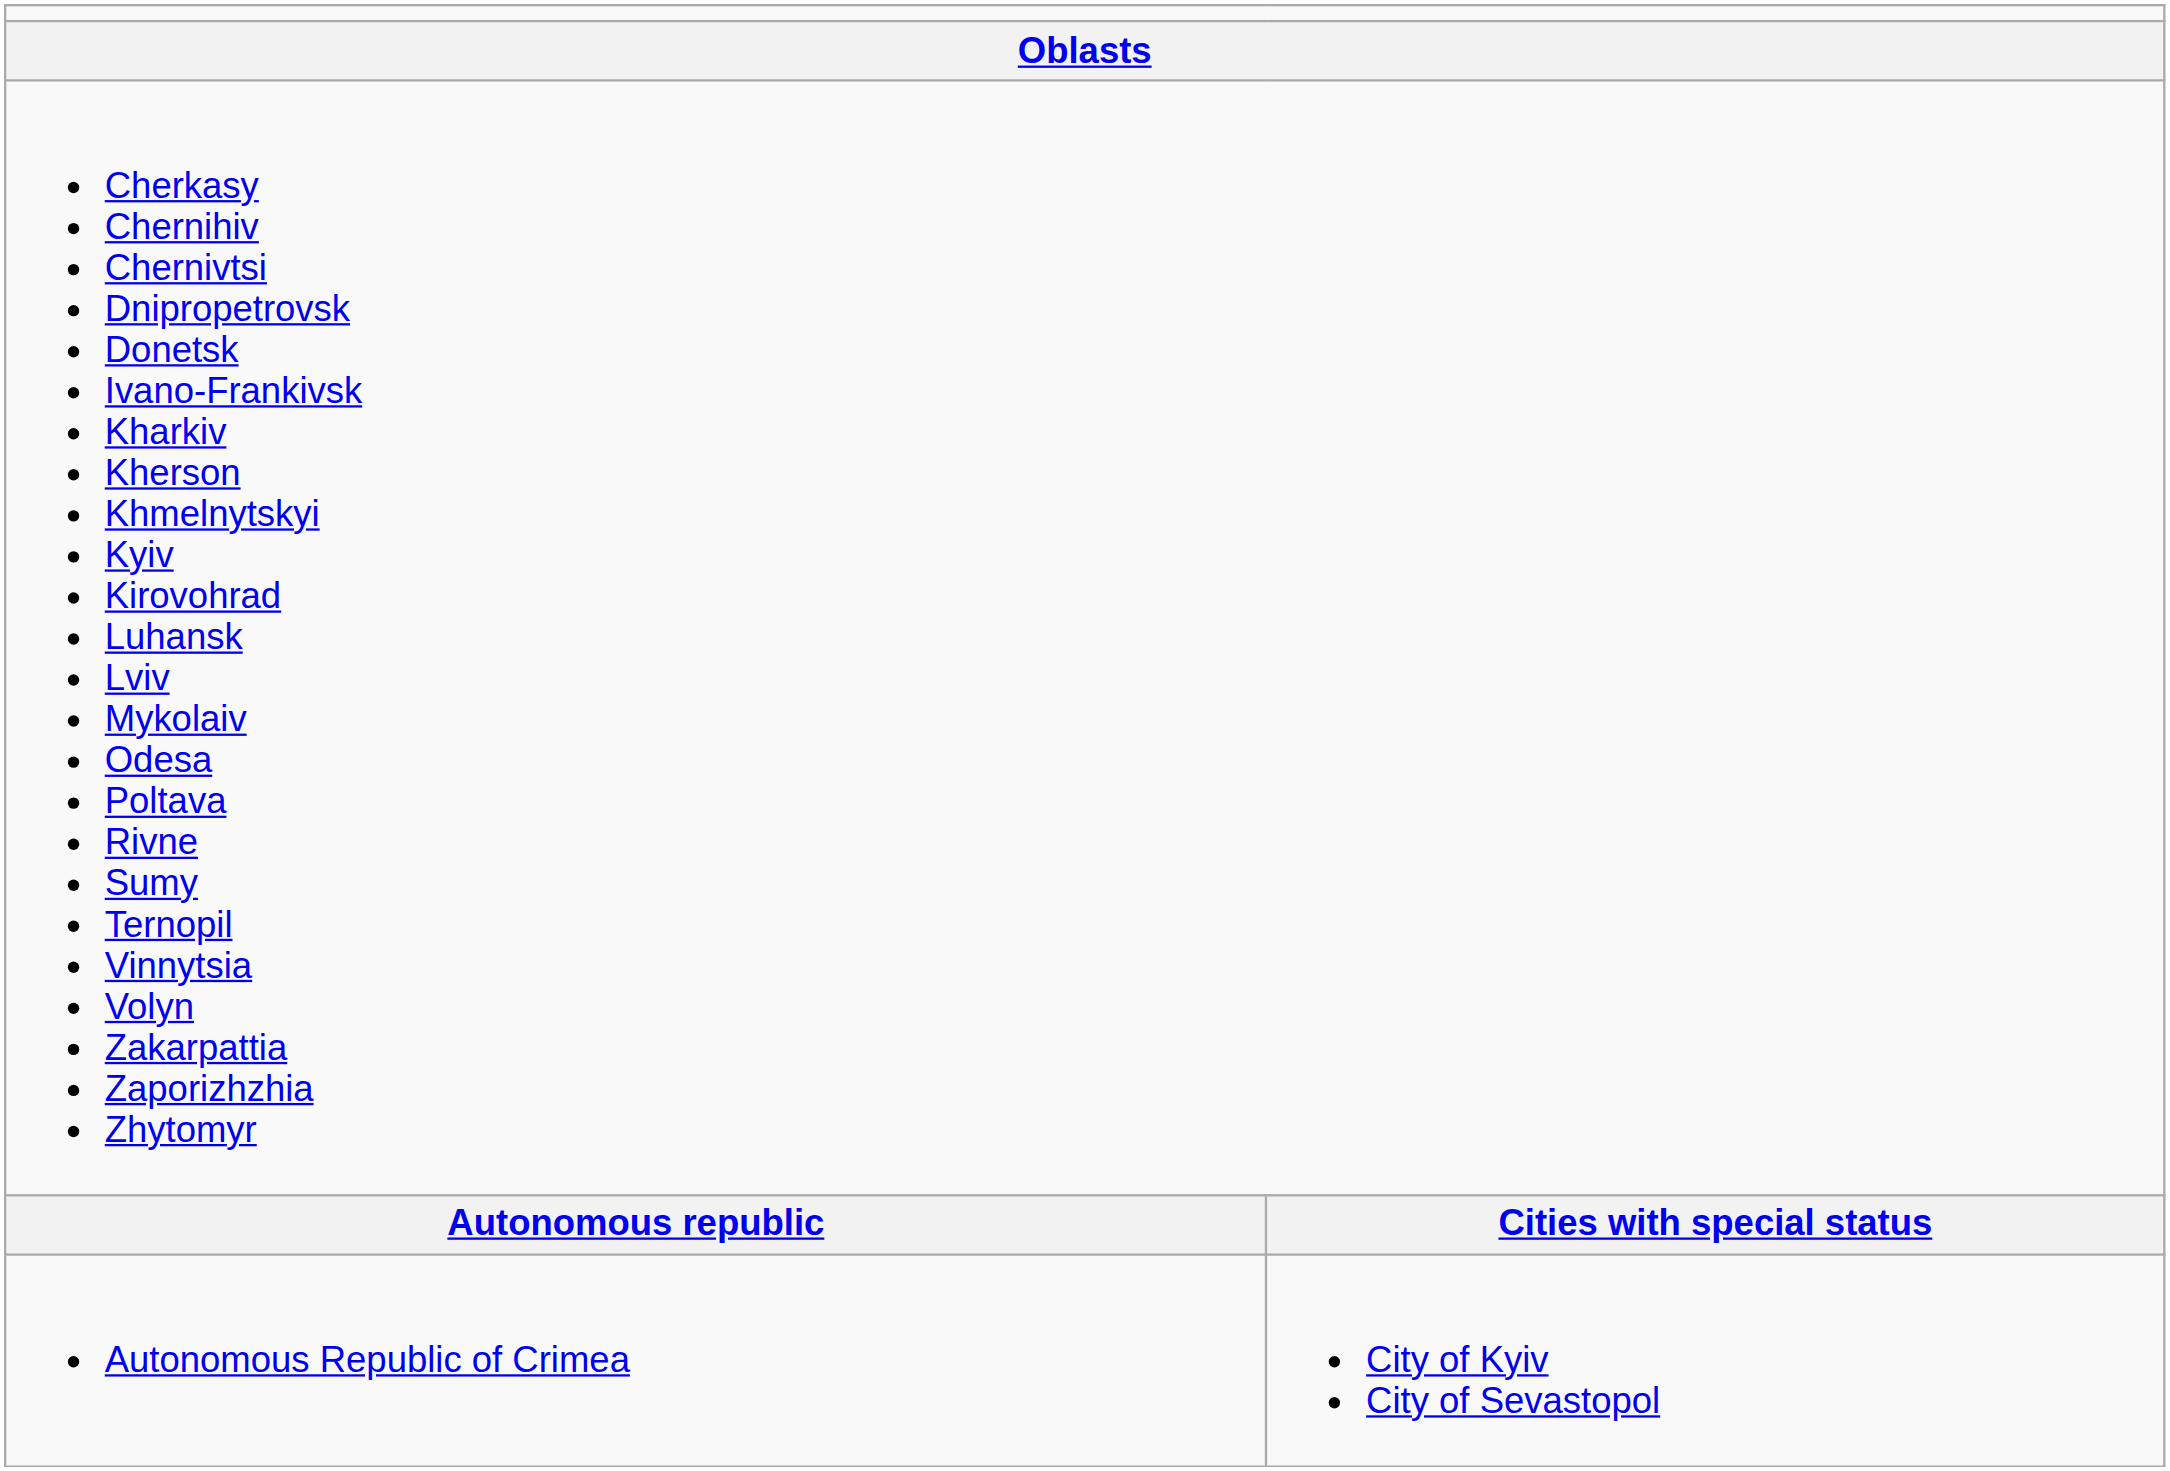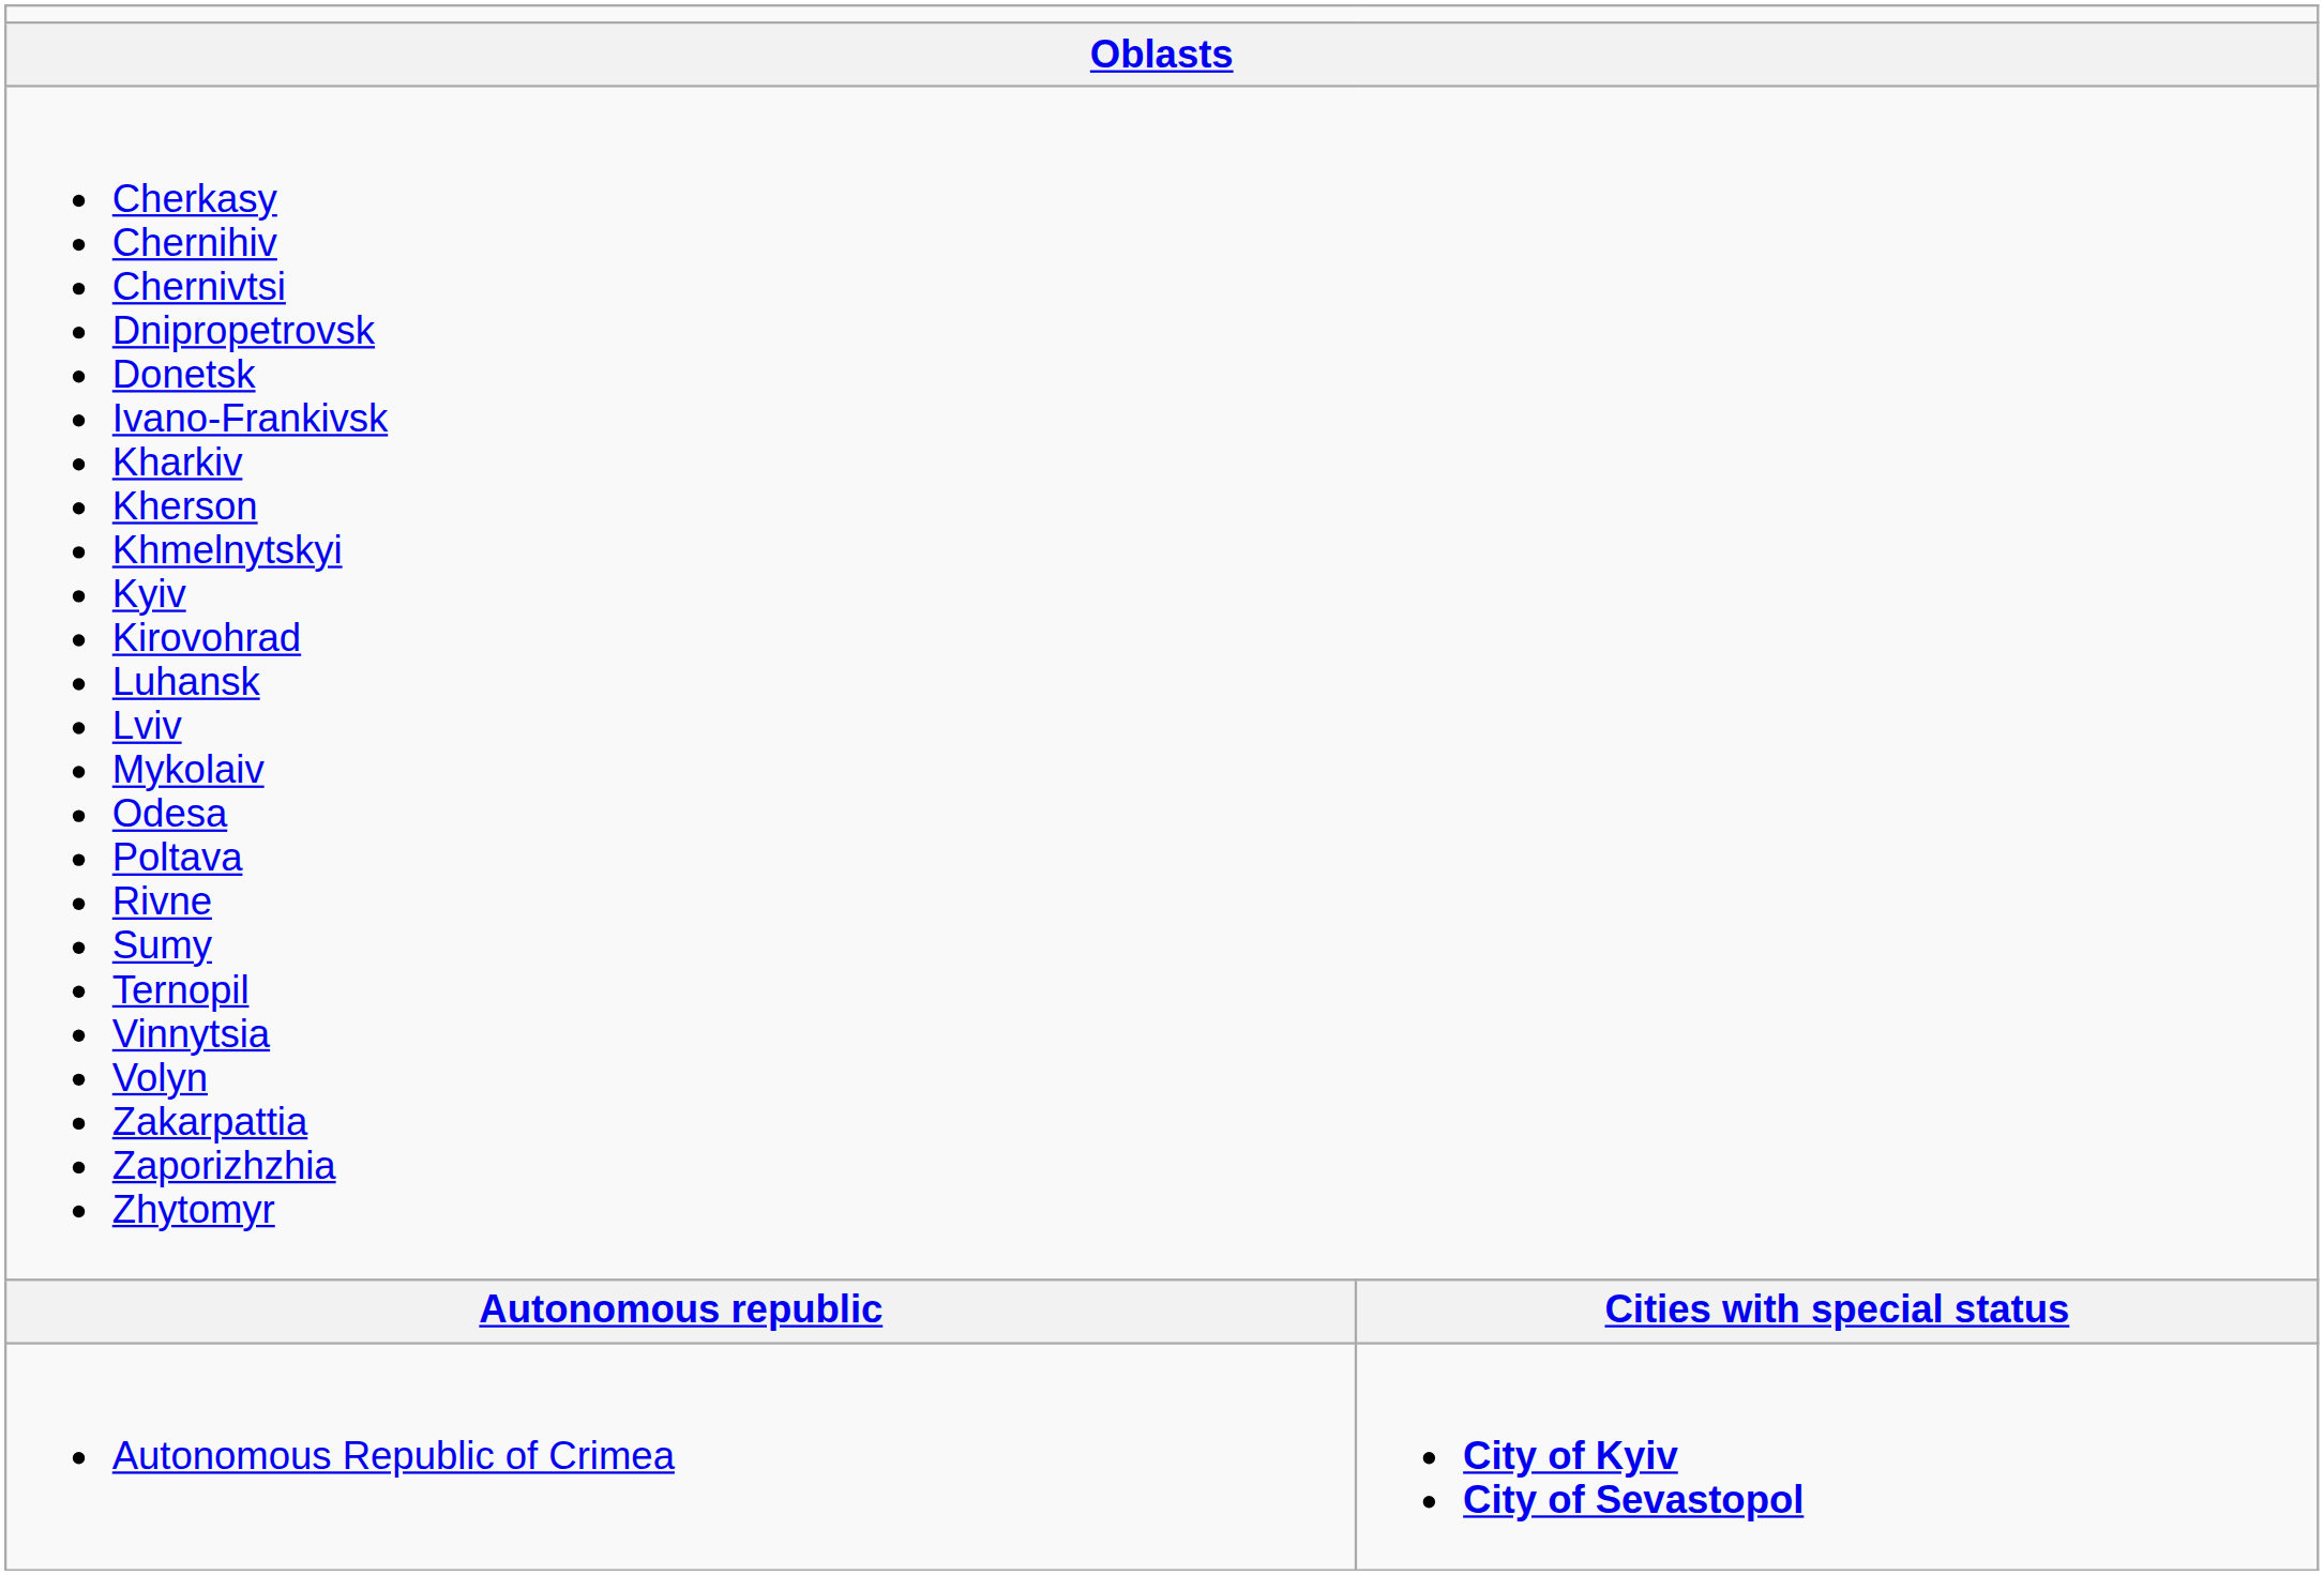 <table class="wikitable" style="min-width:75%">
 <tr>
 <td colspan=2 align=center></td>
 </tr>
 <tr>
 <th colspan=2><a href='#'>Oblasts</a></th>
 </tr>
 <tr>
 <td colspan=2 style="vertical-align:top;"><br><ul><li><a href='#'>Cherkasy</a></li><li><a href='#'>Chernihiv</a></li><li><a href='#'>Chernivtsi</a></li><li><a href='#'>Dnipropetrovsk</a></li><li><a href='#'>Donetsk</a></li><li><a href='#'>Ivano-Frankivsk</a></li><li><a href='#'>Kharkiv</a></li><li><a href='#'>Kherson</a></li><li><a href='#'>Khmelnytskyi</a></li><li><a href='#'>Kyiv</a></li><li><a href='#'>Kirovohrad</a></li><li><a href='#'>Luhansk</a></li><li><a href='#'>Lviv</a></li><li><a href='#'>Mykolaiv</a></li><li><a href='#'>Odesa</a></li><li><a href='#'>Poltava</a></li><li><a href='#'>Rivne</a></li><li><a href='#'>Sumy</a></li><li><a href='#'>Ternopil</a></li><li><a href='#'>Vinnytsia</a></li><li><a href='#'>Volyn</a></li><li><a href='#'>Zakarpattia</a></li><li><a href='#'>Zaporizhzhia</a></li><li><a href='#'>Zhytomyr</a></li></ul></td>
 </tr>
 <tr>
 <th><a href='#'>Autonomous republic</a></th>
 <th><a href='#'>Cities with special status</a></th>
 </tr>
 <tr>
 <td style="vertical-align:top;"><br><ul><li><a href='#'>Autonomous Republic of Crimea</a></li></ul></td>
-<td style="vertical-align:top;"><br><ul><li><a href='#'>City of Kyiv</a></li><li><a href='#'>City of Sevastopol</a></li></ul></td>
+<td style="vertical-align:top;"><strong><br><ul><li><a href='#'>City of Kyiv</a></li><li><a href='#'>City of Sevastopol</a></li></ul></strong></td>
 </tr>
 </table>
